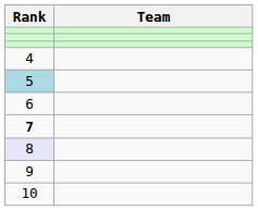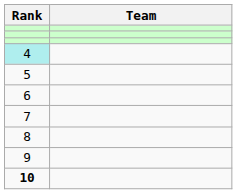 <table class="wikitable" style="text-align: center;">
 <tr>
 <th width=40>Rank</th>
 <th width=180>Team</th>
 </tr>
 <tr bgcolor=#CCFFCC>
 <td></td>
 <td align="left"></td>
 </tr>
 <tr bgcolor=#CCFFCC>
 <td></td>
 <td align="left"></td>
 </tr>
 <tr bgcolor=#CCFFCC>
 <td></td>
 <td align="left"></td>
 </tr>
 <tr>
-<td>4</td>
+<td style="background: paleturquoise;">4</td>
 <td align="left"></td>
 </tr>
 <tr>
-<td style="background: lightblue;">5</td>
+<td>5</td>
 <td align="left"></td>
 </tr>
 <tr>
 <td>6</td>
 <td align="left"></td>
 </tr>
 <tr>
-<td><strong>7</strong></td>
+<td>7</td>
 <td align="left"></td>
 </tr>
 <tr>
-<td style="background: lavender;">8</td>
+<td>8</td>
 <td align="left"></td>
 </tr>
 <tr>
 <td>9</td>
 <td align="left"></td>
 </tr>
 <tr>
-<td>10</td>
+<td><strong>10</strong></td>
 <td align="left"></td>
 </tr>
 </table>
